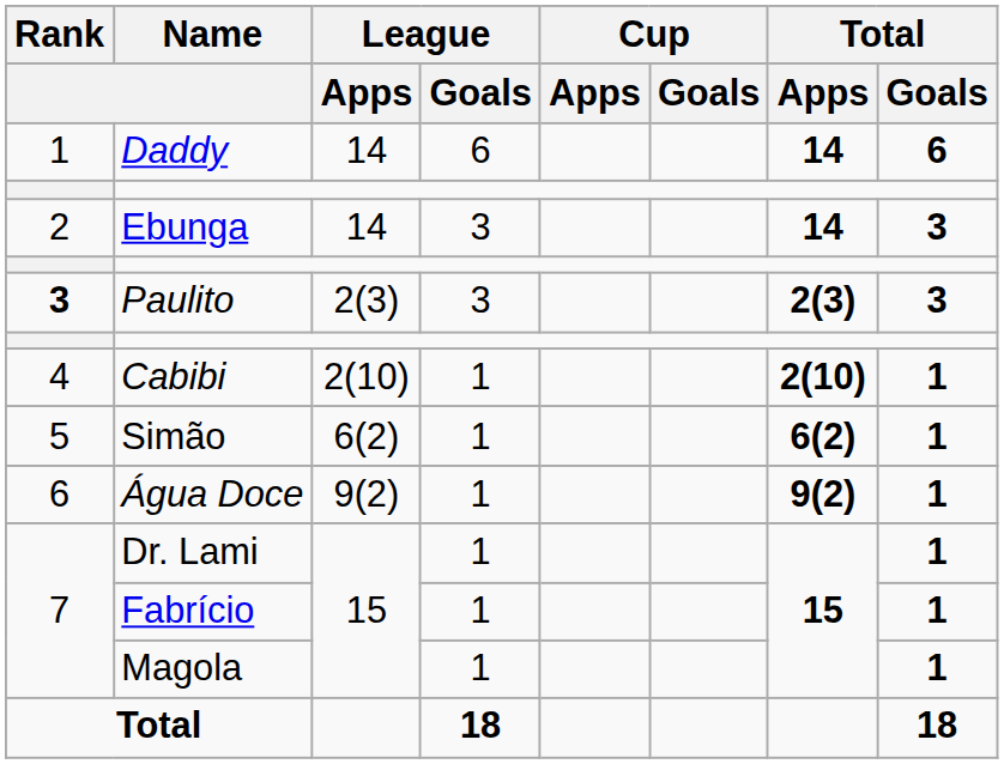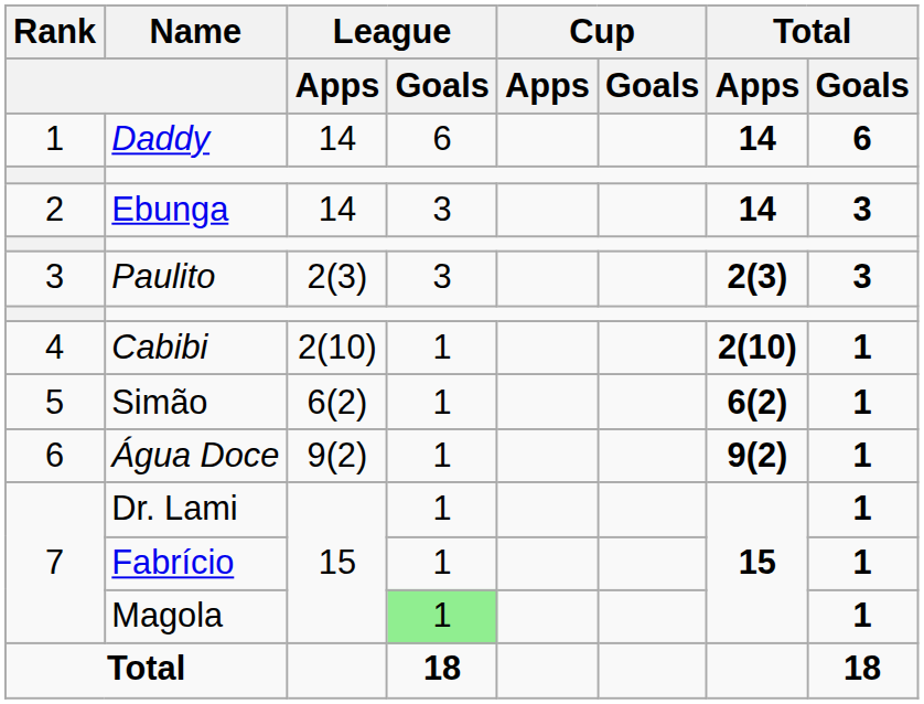 <table class="wikitable" style="text-align:center">
 <tr>
 <th>Rank</th>
 <th>Name</th>
 <th colspan=2>League</th>
 <th colspan=2>Cup</th>
 <th colspan=2>Total</th>
 </tr>
 <tr>
 <th colspan=2></th>
 <th>Apps</th>
 <th>Goals</th>
 <th>Apps</th>
 <th>Goals</th>
 <th>Apps</th>
 <th>Goals</th>
 </tr>
 <tr>
 <td>1</td>
 <td align="left"> <em><a href='#'>Daddy</a></em></td>
 <td>14</td>
 <td>6</td>
 <td></td>
 <td></td>
 <td><strong>14</strong></td>
 <td><strong>6</strong></td>
 </tr>
 <tr>
 <th></th>
 </tr>
 <tr>
 <td>2</td>
 <td align="left"> <a href='#'>Ebunga</a></td>
 <td>14</td>
 <td>3</td>
 <td></td>
 <td></td>
 <td><strong>14</strong></td>
 <td><strong>3</strong></td>
 </tr>
 <tr>
 <th></th>
 </tr>
 <tr>
-<td><strong>3</strong></td>
+<td>3</td>
 <td align="left"> <em>Paulito</em></td>
 <td>2(3)</td>
 <td>3</td>
 <td></td>
 <td></td>
 <td><strong>2(3)</strong></td>
 <td><strong>3</strong></td>
 </tr>
 <tr>
 <th></th>
 </tr>
 <tr>
 <td>4</td>
 <td align="left"> <em>Cabibi</em></td>
 <td>2(10)</td>
 <td>1</td>
 <td></td>
 <td></td>
 <td><strong>2(10)</strong></td>
 <td><strong>1</strong></td>
 </tr>
 <tr>
 <td>5</td>
 <td align="left"> Simão</td>
 <td>6(2)</td>
 <td>1</td>
 <td></td>
 <td></td>
 <td><strong>6(2)</strong></td>
 <td><strong>1</strong></td>
 </tr>
 <tr>
 <td>6</td>
 <td align="left"> <em>Água Doce</em></td>
 <td>9(2)</td>
 <td>1</td>
 <td></td>
 <td></td>
 <td><strong>9(2)</strong></td>
 <td><strong>1</strong></td>
 </tr>
 <tr>
 <td rowspan=3>7</td>
 <td align="left"> Dr. Lami</td>
 <td rowspan=3>15</td>
 <td>1</td>
 <td></td>
 <td></td>
 <td rowspan=3><strong>15</strong></td>
 <td><strong>1</strong></td>
 </tr>
 <tr>
 <td align="left"> <a href='#'>Fabrício</a></td>
 <td>1</td>
 <td></td>
 <td></td>
 <td><strong>1</strong></td>
 </tr>
 <tr>
 <td align="left"> Magola</td>
-<td>1</td>
+<td style="background: lightgreen;">1</td>
 <td></td>
 <td></td>
 <td><strong>1</strong></td>
 </tr>
 <tr>
 <td colspan=2><strong>Total</strong></td>
 <td></td>
 <td><strong>18</strong></td>
 <td></td>
 <td></td>
 <td></td>
 <td><strong>18</strong></td>
 </tr>
 </table>
